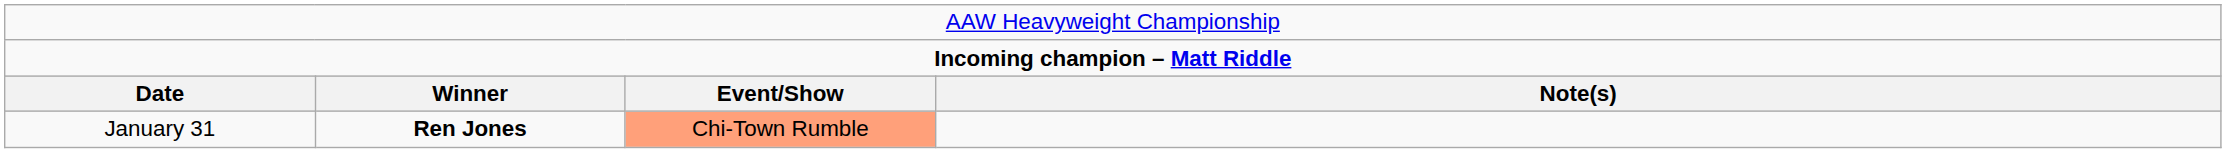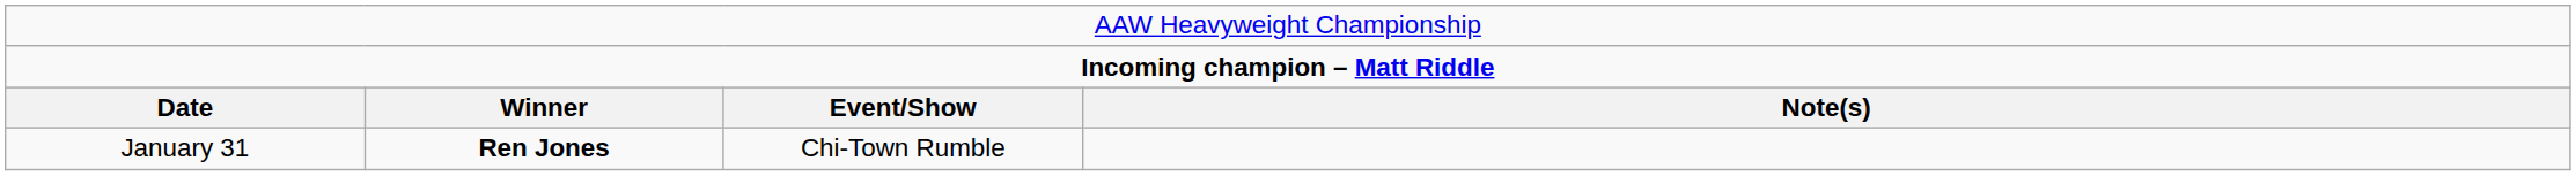 <table class="wikitable" style="text-align:center; width:100%;">
 <tr>
 <td colspan="4" style="text-align: center;"><a href='#'>AAW Heavyweight Championship</a></td>
 </tr>
 <tr>
 <td colspan="4" style="text-align: center;"><strong>Incoming champion – <a href='#'>Matt Riddle</a></strong></td>
 </tr>
 <tr>
 <th width="14%">Date</th>
 <th width="14%">Winner</th>
 <th width="14%">Event/Show</th>
 <th width="58%">Note(s)</th>
 </tr>
 <tr>
 <td>January 31</td>
 <td><strong>Ren Jones</strong></td>
-<td style="background: lightsalmon;">Chi-Town Rumble</td>
+<td>Chi-Town Rumble</td>
 <td></td>
 </tr>
 </table>
